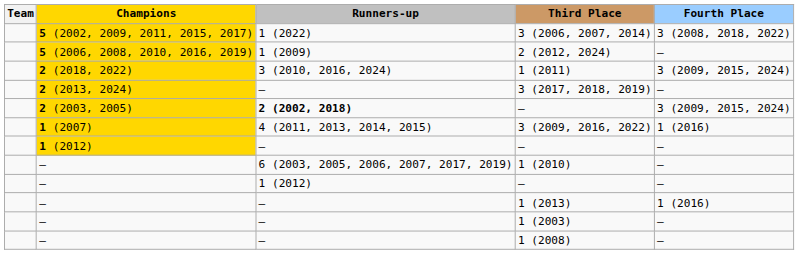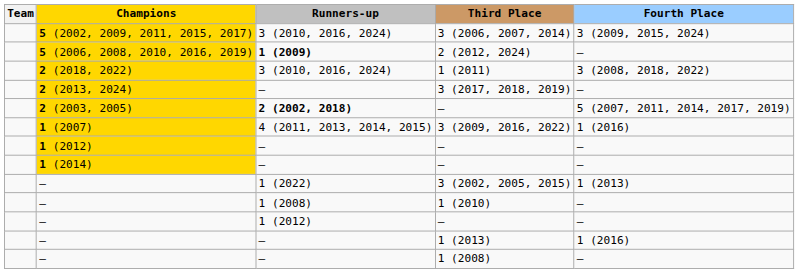 <table class="wikitable" style="font-size: 89%;">
 <tr>
 <th>Team</th>
 <th style="background:gold;">Champions</th>
 <th style="background:silver;">Runners-up</th>
 <th style="background:#c96;">Third Place</th>
 <th style="background:#9acdff;">Fourth Place</th>
 </tr>
 <tr>
 <td align=left></td>
 <td style="background-color:gold;"><strong>5</strong> (2002, 2009, 2011, 2015, 2017)</td>
-<td>1 (2022)</td>
+<td>3 (2010, 2016, 2024)</td>
 <td>3 (2006, 2007, 2014)</td>
-<td>3 (2008, 2018, 2022)</td>
+<td>3 (2009, 2015, 2024)</td>
 </tr>
 <tr>
 <td align=left></td>
 <td style="background-color:gold;"><strong>5</strong> (2006, 2008, 2010, 2016, 2019)</td>
-<td>1 (2009)</td>
+<td><strong>1 (2009)</strong></td>
 <td>2 (2012, 2024)</td>
 <td>—</td>
 </tr>
 <tr>
 <td align=left></td>
 <td style="background-color:gold;"><strong>2</strong> (2018, 2022)</td>
 <td>3 (2010, 2016, 2024)</td>
 <td>1 (2011)</td>
-<td>3 (2009, 2015, 2024)</td>
+<td>3 (2008, 2018, 2022)</td>
 </tr>
 <tr>
 <td align=left></td>
 <td style="background-color:gold;"><strong>2</strong> (2013, 2024)</td>
 <td>—</td>
 <td>3 (2017, 2018, 2019)</td>
 <td>—</td>
 </tr>
 <tr>
 <td align="left"></td>
 <td style="background-color:gold;"><strong>2</strong> (2003, 2005)</td>
 <td><strong>2 (2002, 2018)</strong></td>
 <td>—</td>
-<td>3 (2009, 2015, 2024)</td>
+<td>5 (2007, 2011, 2014, 2017, 2019)</td>
 </tr>
 <tr>
 <td align=left></td>
 <td style="background-color:gold;"><strong>1</strong> (2007)</td>
 <td>4 (2011, 2013, 2014, 2015)</td>
 <td>3 (2009, 2016, 2022)</td>
 <td>1 (2016)</td>
 </tr>
 <tr>
 <td align=left></td>
 <td style="background-color:gold;"><strong>1</strong> (2012)</td>
 <td>—</td>
 <td>—</td>
 <td>—</td>
 </tr>
 <tr>
 <td align=left></td>
+<td style="background-color:gold;"><strong>1</strong> (2014)</td>
 <td>—</td>
-<td>6 (2003, 2005, 2006, 2007, 2017, 2019)</td>
+<td>—</td>
+<td>—</td>
+</tr>
+<tr>
+<td align=left></td>
+<td>—</td>
+<td>1 (2022)</td>
+<td>3 (2002, 2005, 2015)</td>
+<td>1 (2013)</td>
+</tr>
+<tr>
+<td align=left></td>
+<td>—</td>
+<td>1 (2008)</td>
 <td>1 (2010)</td>
 <td>—</td>
 </tr>
 <tr>
 <td align=left></td>
 <td>—</td>
 <td>1 (2012)</td>
 <td>—</td>
 <td>—</td>
 </tr>
 <tr>
 <td align=left></td>
 <td>—</td>
 <td>—</td>
 <td>1 (2013)</td>
 <td>1 (2016)</td>
 </tr>
 <tr>
 <td align=left></td>
 <td>—</td>
 <td>—</td>
-<td>1 (2003)</td>
-<td>—</td>
-</tr>
-<tr>
-<td align=left></td>
-<td>—</td>
-<td>—</td>
 <td>1 (2008)</td>
 <td>—</td>
 </tr>
 </table>
